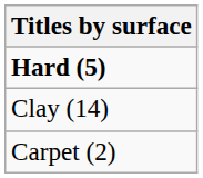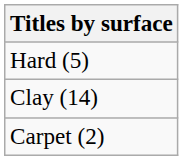 <table class=wikitable style=font-size:97%>
 <tr>
 <th>Titles by surface</th>
 </tr>
 <tr>
-<td><strong>Hard (5)</strong></td>
+<td>Hard (5)</td>
 </tr>
 <tr>
 <td>Clay (14)</td>
 </tr>
 <tr>
 <td>Carpet (2)</td>
 </tr>
 </table>
